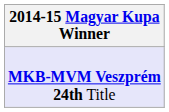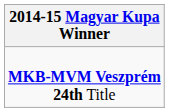 <table class=wikitable style="text-align:center; margin:auto">
 <tr>
 <th>2014-15 <a href='#'>Magyar Kupa</a><br>Winner</th>
 </tr>
 <tr>
-<td align=center style="background: lavender;"><br><strong><a href='#'>MKB-MVM Veszprém</a></strong><br><strong>24th</strong> Title</td>
+<td align=center><br><strong><a href='#'>MKB-MVM Veszprém</a></strong><br><strong>24th</strong> Title</td>
 </tr>
 </table>
